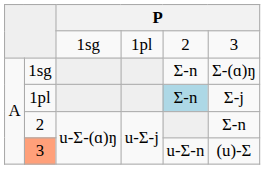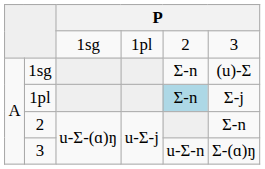 <table class="wikitable" style="text-align: center">
 <tr>
 <th rowspan="2" colspan="2" style="background-color:#efefef;"></th>
 <th colspan="4" style="text-align: center;" style="background-color:#efefef;">P</th>
 </tr>
 <tr>
 <td>1sg</td>
 <td>1pl</td>
 <td>2</td>
 <td>3</td>
 </tr>
 <tr>
 <td rowspan="4" style="text-align: center;" style="background-color:#efefef;">A</td>
 <td>1sg</td>
 <td style="background-color:#efefef;"></td>
 <td style="background-color:#efefef;"></td>
 <td>Σ-n</td>
-<td>Σ-(ɑ)ŋ</td>
+<td>(u)-Σ</td>
 </tr>
 <tr>
 <td>1pl</td>
 <td style="background-color:#efefef;"></td>
 <td style="background-color:#efefef;"></td>
 <td style="background: lightblue;">Σ-n</td>
 <td>Σ-j</td>
 </tr>
 <tr>
 <td>2</td>
 <td rowspan="2">u-Σ-(ɑ)ŋ</td>
 <td rowspan="2">u-Σ-j</td>
 <td style="background-color:#efefef;"></td>
 <td>Σ-n</td>
 </tr>
 <tr>
-<td style="background: lightsalmon;">3</td>
+<td>3</td>
 <td>u-Σ-n</td>
-<td>(u)-Σ</td>
+<td>Σ-(ɑ)ŋ</td>
 </tr>
 </table>
